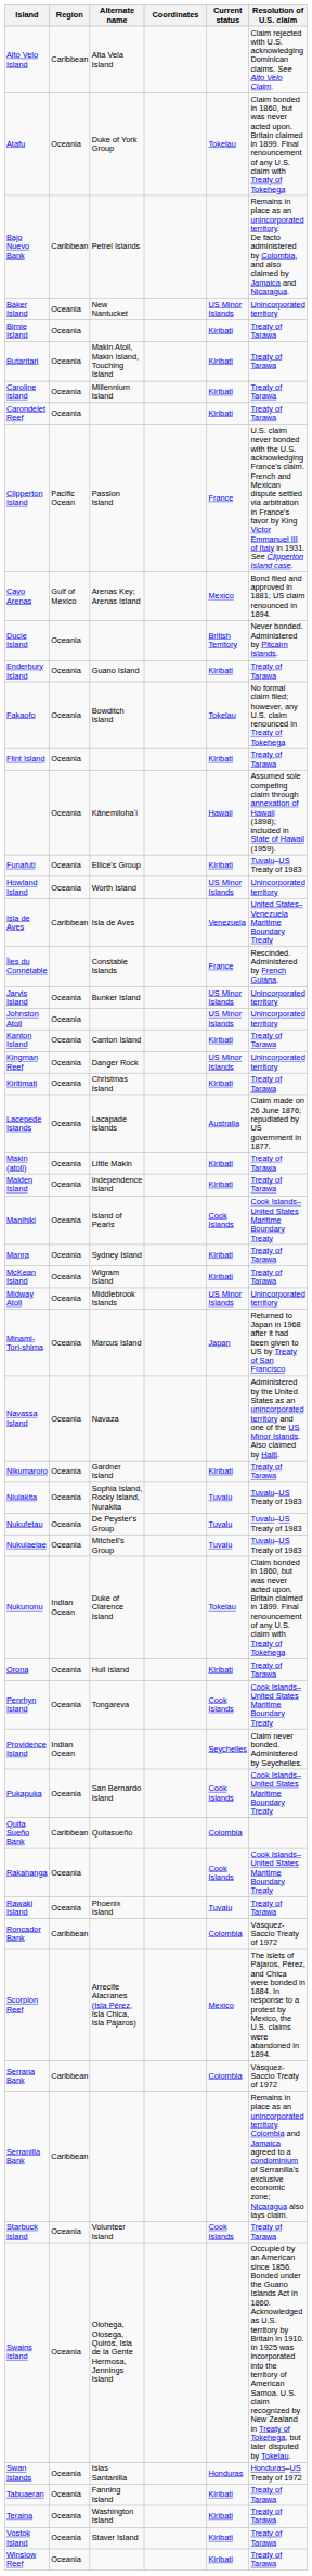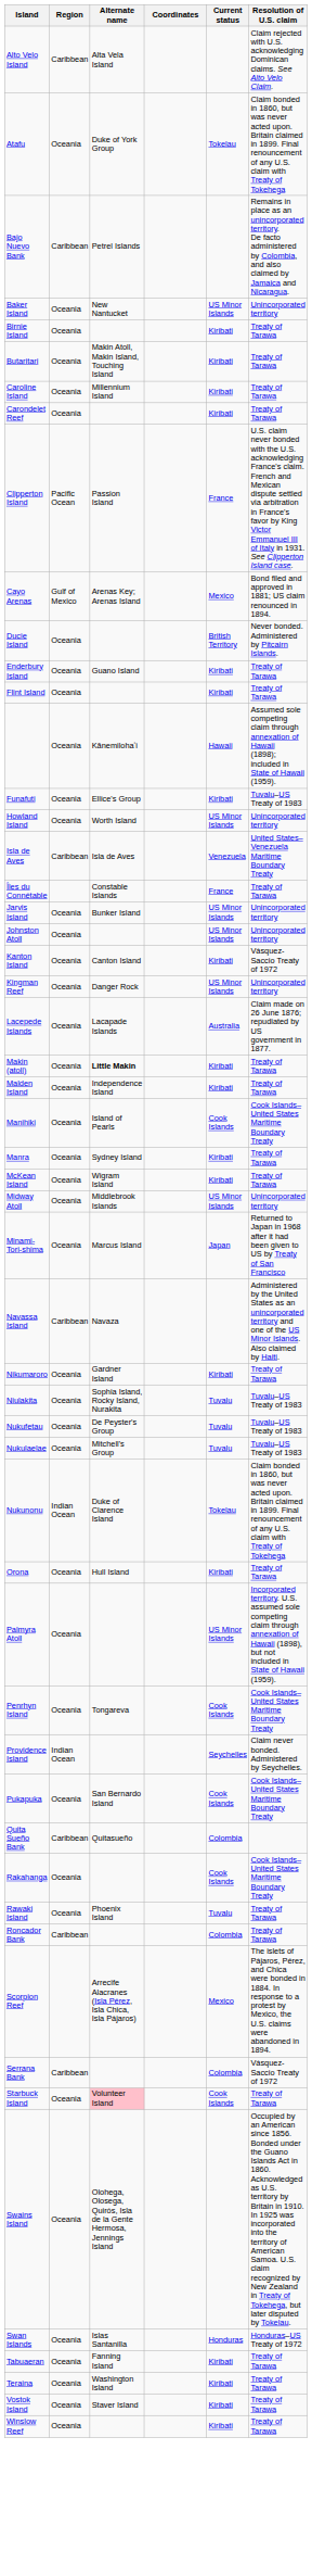 <table class="wikitable sortable">
 <tr>
 <th>Island</th>
 <th>Region</th>
 <th>Alternate name</th>
 <th style="width:12em">Coordinates</th>
 <th>Current status</th>
 <th>Resolution of U.S. claim</th>
 </tr>
 <tr>
 <td><a href='#'>Alto Velo Island</a></td>
 <td>Caribbean</td>
 <td>Alta Vela Island</td>
 <td data-sort-value=-17.28></td>
 <td><a href='#'></a></td>
 <td>Claim rejected with U.S. acknowledging Dominican claims. <em>See <a href='#'>Alto Velo Claim</a>.</em></td>
 </tr>
 <tr>
 <td><a href='#'>Atafu</a></td>
 <td>Oceania</td>
 <td>Duke of York Group</td>
 <td data-sort-value=8.33></td>
 <td><a href='#'>Tokelau</a></td>
 <td>Claim bonded in 1860, but was never acted upon. Britain claimed in 1899. Final renouncement of any U.S. claim with <a href='#'>Treaty of Tokehega</a></td>
 </tr>
 <tr>
 <td><a href='#'>Bajo Nuevo Bank</a></td>
 <td>Caribbean</td>
 <td>Petrel Islands</td>
 <td data-sort-value=-15.53></td>
 <td></td>
 <td>Remains in place as an <a href='#'>unincorporated territory</a>.<br>De facto administered by <a href='#'>Colombia</a>, and also claimed by <a href='#'>Jamaica</a> and <a href='#'>Nicaragua</a>.</td>
 </tr>
 <tr>
 <td><a href='#'>Baker Island</a></td>
 <td>Oceania</td>
 <td>New Nantucket</td>
 <td data-sort-value=-0.11></td>
 <td><a href='#'>US Minor Islands</a></td>
 <td><a href='#'>Unincorporated territory</a></td>
 </tr>
 <tr>
 <td><a href='#'>Birnie Island</a></td>
 <td>Oceania</td>
 <td></td>
 <td data-sort-value=3.35></td>
 <td><a href='#'>Kiribati</a></td>
 <td><a href='#'>Treaty of Tarawa</a></td>
 </tr>
 <tr>
 <td><a href='#'>Butaritari</a></td>
 <td>Oceania</td>
 <td>Makin Atoll, Makin Island, Touching Island</td>
 <td data-sort-value=-3.10></td>
 <td><a href='#'>Kiribati</a></td>
 <td><a href='#'>Treaty of Tarawa</a></td>
 </tr>
 <tr>
 <td><a href='#'>Caroline Island</a></td>
 <td>Oceania</td>
 <td>Millennium Island</td>
 <td data-sort-value=9.56></td>
 <td><a href='#'>Kiribati</a></td>
 <td><a href='#'>Treaty of Tarawa</a></td>
 </tr>
 <tr>
 <td><a href='#'>Carondelet Reef</a></td>
 <td>Oceania</td>
 <td></td>
 <td data-sort-value=5.34></td>
 <td><a href='#'>Kiribati</a></td>
 <td><a href='#'>Treaty of Tarawa</a></td>
 </tr>
 <tr>
 <td><a href='#'>Clipperton Island</a></td>
 <td>Pacific Ocean</td>
 <td>Passion Island</td>
 <td data-sort-value=-10.18></td>
 <td><a href='#'>France</a></td>
 <td>U.S. claim never bonded with the U.S. acknowledging France's claim. French and Mexican dispute settled via arbitration in France's favor by King <a href='#'>Victor Emmanuel III of Italy</a> in 1931. <em>See <a href='#'>Clipperton Island case</a>.</em></td>
 </tr>
 <tr>
 <td><a href='#'>Cayo Arenas</a></td>
 <td>Gulf of Mexico</td>
 <td>Arenas Key; Arenas Island</td>
 <td data-sort-value=-10.18></td>
 <td><a href='#'>Mexico</a></td>
 <td>Bond filed and approved in 1881; US claim renounced in 1894.</td>
 </tr>
 <tr>
 <td><a href='#'>Ducie Island</a></td>
 <td>Oceania</td>
 <td></td>
 <td data-sort-value=24.4></td>
 <td><a href='#'>British Territory</a></td>
 <td>Never bonded. Administered by <a href='#'>Pitcairn Islands</a>.</td>
 </tr>
 <tr>
 <td><a href='#'>Enderbury Island</a></td>
 <td>Oceania</td>
 <td>Guano Island</td>
 <td data-sort-value=3.08></td>
 <td><a href='#'>Kiribati</a></td>
 <td><a href='#'>Treaty of Tarawa</a></td>
 </tr>
 <tr>
-<td><a href='#'>Fakaofo</a></td>
-<td>Oceania</td>
-<td>Bowditch Island</td>
-<td data-sort-value=9.21></td>
-<td><a href='#'>Tokelau</a></td>
-<td>No formal claim filed; however, any U.S. claim renounced in <a href='#'>Treaty of Tokehega</a></td>
-</tr>
-<tr>
 <td><a href='#'>Flint Island</a></td>
 <td>Oceania</td>
 <td></td>
 <td data-sort-value=11.25></td>
 <td><a href='#'>Kiribati</a></td>
 <td><a href='#'>Treaty of Tarawa</a></td>
 </tr>
 <tr>
 <td></td>
 <td>Oceania</td>
 <td>Kānemilohaʻi</td>
 <td data-sort-value=-23.44></td>
 <td><a href='#'>Hawaii</a></td>
 <td>Assumed sole competing claim through <a href='#'>annexation of Hawaii</a><br>(1898); included in <a href='#'>State of Hawaii</a> (1959).</td>
 </tr>
 <tr>
 <td><a href='#'>Funafuti</a></td>
 <td>Oceania</td>
 <td>Ellice's Group</td>
 <td data-sort-value=8.31></td>
 <td><a href='#'>Kiribati</a></td>
 <td><a href='#'>Tuvalu</a>–<a href='#'>US</a> Treaty of 1983</td>
 </tr>
 <tr>
 <td><a href='#'>Howland Island</a></td>
 <td>Oceania</td>
 <td>Worth Island</td>
 <td data-sort-value=-0.48></td>
 <td><a href='#'>US Minor Islands</a></td>
 <td><a href='#'>Unincorporated territory</a></td>
 </tr>
 <tr>
 <td><a href='#'>Isla de Aves</a></td>
 <td>Caribbean</td>
 <td>Isla de Aves</td>
 <td data-sort-value=-15.40></td>
 <td><a href='#'>Venezuela</a></td>
 <td><a href='#'>United States–Venezuela Maritime Boundary Treaty</a></td>
 </tr>
 <tr>
 <td><a href='#'>Îles du Connétable</a></td>
 <td></td>
 <td>Constable Islands</td>
 <td data-sort-value=-4.49></td>
 <td><a href='#'>France</a></td>
-<td>Rescinded. Administered by <a href='#'>French Guiana</a>.</td>
+<td><a href='#'>Treaty of Tarawa</a></td>
 </tr>
 <tr>
 <td><a href='#'>Jarvis Island</a></td>
 <td>Oceania</td>
 <td>Bunker Island</td>
 <td data-sort-value=0.22></td>
 <td><a href='#'>US Minor Islands</a></td>
 <td><a href='#'>Unincorporated territory</a></td>
 </tr>
 <tr>
 <td><a href='#'>Johnston Atoll</a></td>
 <td>Oceania</td>
 <td></td>
 <td data-sort-value=-16.44></td>
 <td><a href='#'>US Minor Islands</a></td>
 <td><a href='#'>Unincorporated territory</a></td>
 </tr>
 <tr>
 <td><a href='#'>Kanton Island</a></td>
 <td>Oceania</td>
 <td>Canton Island</td>
 <td data-sort-value=2.5></td>
 <td><a href='#'>Kiribati</a></td>
-<td><a href='#'>Treaty of Tarawa</a></td>
+<td>Vásquez-Saccio Treaty of 1972</td>
 </tr>
 <tr>
 <td><a href='#'>Kingman Reef</a></td>
 <td>Oceania</td>
 <td>Danger Rock</td>
 <td data-sort-value=-6.24></td>
 <td><a href='#'>US Minor Islands</a></td>
 <td><a href='#'>Unincorporated territory</a></td>
-</tr>
-<tr>
-<td><a href='#'>Kiritimati</a></td>
-<td>Oceania</td>
-<td>Christmas Island</td>
-<td data-sort-value=-1.52></td>
-<td><a href='#'>Kiribati</a></td>
-<td><a href='#'>Treaty of Tarawa</a></td>
 </tr>
 <tr>
 <td><a href='#'>Lacepede Islands</a></td>
 <td>Oceania</td>
 <td>Lacapade  Islands</td>
 <td data-sort-value=16.51></td>
 <td><a href='#'>Australia</a></td>
 <td>Claim made on 26 June 1876; repudiated by US government in 1877.</td>
 </tr>
 <tr>
 <td><a href='#'>Makin (atoll)</a></td>
 <td>Oceania</td>
-<td>Little Makin</td>
+<td><strong>Little Makin</strong></td>
 <td data-sort-value=-3.23></td>
 <td><a href='#'>Kiribati</a></td>
 <td><a href='#'>Treaty of Tarawa</a></td>
 </tr>
 <tr>
 <td><a href='#'>Malden Island</a></td>
 <td>Oceania</td>
 <td>Independence Island</td>
 <td data-sort-value=4.01></td>
 <td><a href='#'>Kiribati</a></td>
 <td><a href='#'>Treaty of Tarawa</a></td>
 </tr>
 <tr>
 <td><a href='#'>Manihiki</a></td>
 <td>Oceania</td>
 <td>Island of Pearls</td>
 <td data-sort-value=10.24></td>
 <td><a href='#'>Cook Islands</a></td>
 <td><a href='#'>Cook Islands–United States Maritime Boundary Treaty</a></td>
 </tr>
 <tr>
 <td><a href='#'>Manra</a></td>
 <td>Oceania</td>
 <td>Sydney Island</td>
 <td data-sort-value=4.27></td>
 <td><a href='#'>Kiribati</a></td>
 <td><a href='#'>Treaty of Tarawa</a></td>
 </tr>
 <tr>
 <td><a href='#'>McKean Island</a></td>
 <td>Oceania</td>
 <td>Wigram Island</td>
 <td data-sort-value=3.35></td>
 <td><a href='#'>Kiribati</a></td>
 <td><a href='#'>Treaty of Tarawa</a></td>
 </tr>
 <tr>
 <td><a href='#'>Midway Atoll</a></td>
 <td>Oceania</td>
 <td>Middlebrook Islands</td>
 <td data-sort-value=-28.12></td>
 <td><a href='#'>US Minor Islands</a></td>
 <td><a href='#'>Unincorporated territory</a></td>
 </tr>
 <tr>
 <td><a href='#'>Minami-Tori-shima</a></td>
 <td>Oceania</td>
 <td>Marcus Island</td>
 <td data-sort-value=-24.18></td>
 <td><a href='#'>Japan</a></td>
 <td>Returned to Japan in 1968 after it had been given to US by <a href='#'>Treaty of San Francisco</a></td>
 </tr>
 <tr>
 <td><a href='#'>Navassa Island</a></td>
-<td>Oceania</td>
+<td>Caribbean</td>
 <td>Navaza</td>
 <td data-sort-value=-18.24></td>
 <td></td>
 <td>Administered by the United States as an <a href='#'>unincorporated territory</a> and one of the <a href='#'>US Minor Islands</a>. Also claimed by <a href='#'>Haiti</a>.</td>
 </tr>
 <tr>
 <td><a href='#'>Nikumaroro</a></td>
 <td>Oceania</td>
 <td>Gardner Island</td>
 <td data-sort-value=4.40></td>
 <td><a href='#'>Kiribati</a></td>
 <td><a href='#'>Treaty of Tarawa</a></td>
 </tr>
 <tr>
 <td><a href='#'>Niulakita</a></td>
 <td>Oceania</td>
 <td>Sophia Island, Rocky Island, Nurakita</td>
 <td data-sort-value=10.45></td>
 <td><a href='#'>Tuvalu</a></td>
 <td><a href='#'>Tuvalu</a>–<a href='#'>US</a> Treaty of 1983</td>
 </tr>
 <tr>
 <td><a href='#'>Nukufetau</a></td>
 <td>Oceania</td>
 <td>De Peyster's Group</td>
 <td data-sort-value=8></td>
 <td><a href='#'>Tuvalu</a></td>
 <td><a href='#'>Tuvalu</a>–<a href='#'>US</a> Treaty of 1983</td>
 </tr>
 <tr>
 <td><a href='#'>Nukulaelae</a></td>
 <td>Oceania</td>
 <td>Mitchell's Group</td>
 <td data-sort-value=9.22></td>
 <td><a href='#'>Tuvalu</a></td>
 <td><a href='#'>Tuvalu</a>–<a href='#'>US</a> Treaty of 1983</td>
 </tr>
 <tr>
 <td><a href='#'>Nukunonu</a></td>
 <td>Indian Ocean</td>
 <td>Duke of Clarence Island</td>
 <td data-sort-value=9.10></td>
 <td><a href='#'>Tokelau</a></td>
 <td>Claim bonded in 1860, but was never acted upon. Britain claimed in 1899. Final renouncement of any U.S. claim with <a href='#'>Treaty of Tokehega</a></td>
 </tr>
 <tr>
 <td><a href='#'>Orona</a></td>
 <td>Oceania</td>
 <td>Hull Island</td>
 <td data-sort-value=4.30></td>
 <td><a href='#'>Kiribati</a></td>
 <td><a href='#'>Treaty of Tarawa</a></td>
+</tr>
+<tr>
+<td><a href='#'>Palmyra Atoll</a></td>
+<td>Oceania</td>
+<td></td>
+<td data-sort-value=-5.53></td>
+<td><a href='#'>US Minor Islands</a></td>
+<td><a href='#'>Incorporated territory</a>. U.S. assumed sole competing claim through <a href='#'>annexation of Hawaii</a> (1898), but not included in <a href='#'>State of Hawaii</a> (1959).</td>
 </tr>
 <tr>
 <td><a href='#'>Penrhyn Island</a></td>
 <td>Oceania</td>
 <td>Tongareva</td>
 <td data-sort-value=9></td>
 <td><a href='#'>Cook Islands</a></td>
 <td><a href='#'>Cook Islands–United States Maritime Boundary Treaty</a></td>
 </tr>
 <tr>
 <td><a href='#'>Providence Island</a></td>
 <td>Indian Ocean</td>
 <td></td>
 <td data-sort-value=9.13></td>
 <td><a href='#'>Seychelles</a></td>
 <td>Claim never bonded. Administered by Seychelles.</td>
 </tr>
 <tr>
 <td><a href='#'>Pukapuka</a></td>
 <td>Oceania</td>
 <td>San Bernardo Island</td>
 <td data-sort-value=10.53></td>
 <td><a href='#'>Cook Islands</a></td>
 <td><a href='#'>Cook Islands–United States Maritime Boundary Treaty</a></td>
 </tr>
 <tr>
 <td><a href='#'>Quita Sueño Bank</a></td>
 <td>Caribbean</td>
 <td>Quitasueño</td>
 <td data-sort-value=-14.19></td>
 <td><a href='#'>Colombia</a></td>
 <td></td>
 </tr>
 <tr>
 <td><a href='#'>Rakahanga</a></td>
 <td>Oceania</td>
 <td></td>
 <td data-sort-value=10.02></td>
 <td><a href='#'>Cook Islands</a></td>
 <td><a href='#'>Cook Islands–United States Maritime Boundary Treaty</a></td>
 </tr>
 <tr>
 <td><a href='#'>Rawaki Island</a></td>
 <td>Oceania</td>
 <td>Phoenix Island</td>
 <td data-sort-value=3.42></td>
 <td><a href='#'>Tuvalu</a></td>
 <td><a href='#'>Treaty of Tarawa</a></td>
 </tr>
 <tr>
 <td><a href='#'>Roncador Bank</a></td>
 <td>Caribbean</td>
 <td></td>
 <td data-sort-value=-13.34></td>
 <td><a href='#'>Colombia</a></td>
-<td>Vásquez-Saccio Treaty of 1972</td>
+<td><a href='#'>Treaty of Tarawa</a></td>
 </tr>
 <tr>
 <td><a href='#'>Scorpion Reef</a></td>
 <td></td>
 <td>Arrecife Alacranes (<a href='#'>Isla Pérez</a>, Isla Chica, Isla Pájaros)</td>
 <td data-sort-value=-22.24></td>
 <td><a href='#'>Mexico</a></td>
 <td>The islets of Pájaros, Pérez, and Chica were bonded in 1884. In response to a protest by Mexico, the U.S. claims were abandoned in 1894.</td>
 </tr>
 <tr>
 <td><a href='#'>Serrana Bank</a></td>
 <td>Caribbean</td>
 <td></td>
 <td data-sort-value=-14.2></td>
 <td><a href='#'>Colombia</a></td>
 <td>Vásquez-Saccio Treaty of 1972</td>
 </tr>
 <tr>
-<td><a href='#'>Serranilla Bank</a></td>
-<td>Caribbean</td>
-<td></td>
-<td data-sort-value=-15.5></td>
-<td></td>
-<td>Remains in place as an <a href='#'>unincorporated territory</a>. <a href='#'>Colombia</a> and <a href='#'>Jamaica</a> agreed to a <a href='#'>condominium</a> of Serranilla's exclusive economic zone; <a href='#'>Nicaragua</a> also lays claim.</td>
-</tr>
-<tr>
 <td><a href='#'>Starbuck Island</a></td>
 <td>Oceania</td>
-<td>Volunteer Island</td>
+<td style="background: pink;">Volunteer Island</td>
 <td data-sort-value=5.37></td>
 <td><a href='#'>Cook Islands</a></td>
 <td><a href='#'>Treaty of Tarawa</a></td>
 </tr>
 <tr>
 <td><a href='#'>Swains Island</a></td>
 <td>Oceania</td>
 <td>Olohega, Olosega, Quirós, Isla de la Gente Hermosa, Jennings Island</td>
 <td data-sort-value=11.03></td>
 <td></td>
 <td>Occupied by an American since 1856. Bonded under the Guano Islands Act in 1860. Acknowledged as U.S. territory by Britain in 1910. In 1925 was incorporated into the territory of American Samoa. U.S. claim recognized by New Zealand in <a href='#'>Treaty of Tokehega</a>, but later disputed by <a href='#'>Tokelau</a>.</td>
 </tr>
 <tr>
 <td><a href='#'>Swan Islands</a></td>
 <td>Oceania</td>
 <td>Islas Santanilla</td>
 <td data-sort-value=-17.24></td>
 <td><a href='#'>Honduras</a></td>
 <td><a href='#'>Honduras</a>–<a href='#'>US</a> Treaty of 1972</td>
 </tr>
 <tr>
 <td><a href='#'>Tabuaeran</a></td>
 <td>Oceania</td>
 <td>Fanning Island</td>
 <td data-sort-value=-3.51></td>
 <td><a href='#'>Kiribati</a></td>
 <td><a href='#'>Treaty of Tarawa</a></td>
 </tr>
 <tr>
 <td><a href='#'>Teraina</a></td>
 <td>Oceania</td>
 <td>Washington Island</td>
 <td data-sort-value=-4.41></td>
 <td><a href='#'>Kiribati</a></td>
 <td><a href='#'>Treaty of Tarawa</a></td>
 </tr>
 <tr>
 <td><a href='#'>Vostok Island</a></td>
 <td>Oceania</td>
 <td>Staver Island</td>
 <td data-sort-value=10.06></td>
 <td><a href='#'>Kiribati</a></td>
 <td><a href='#'>Treaty of Tarawa</a></td>
 </tr>
 <tr>
 <td><a href='#'>Winslow Reef</a></td>
 <td>Oceania</td>
 <td></td>
 <td data-sort-value=1.36></td>
 <td><a href='#'>Kiribati</a></td>
 <td><a href='#'>Treaty of Tarawa</a></td>
 </tr>
 </table>
